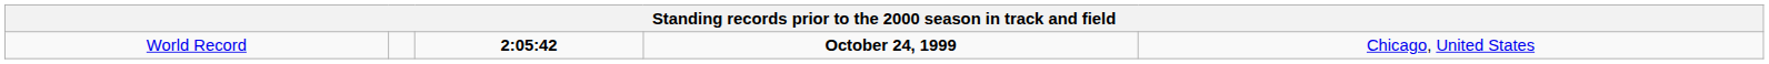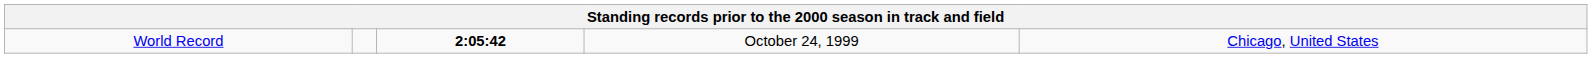 <table class="wikitable" style=" text-align:center; font-size:110%;" width="95%">
 <tr>
 <th colspan="5">Standing records prior to the 2000 season in track and field</th>
 </tr>
 <tr>
 <td><a href='#'>World Record</a></td>
 <td></td>
 <td><strong>2:05:42</strong></td>
-<td><strong>October 24, 1999</strong></td>
+<td>October 24, 1999</td>
 <td> <a href='#'>Chicago</a>, <a href='#'>United States</a></td>
 </tr>
 </table>
